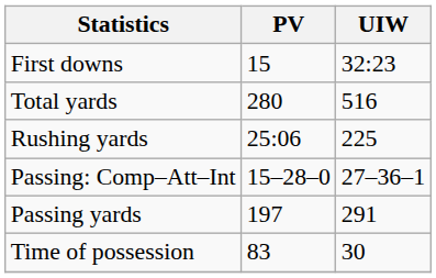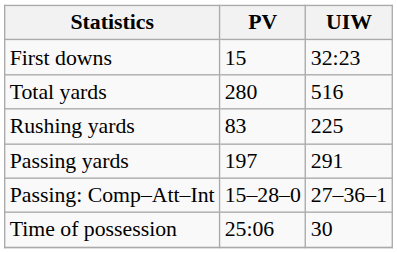 <table class="wikitable" style="float: left;">
 <tr>
 <th>Statistics</th>
 <th>PV</th>
 <th>UIW</th>
 </tr>
 <tr>
 <td>First downs</td>
 <td>15</td>
 <td>32:23</td>
 </tr>
 <tr>
 <td>Total yards</td>
 <td>280</td>
 <td>516</td>
 </tr>
 <tr>
 <td>Rushing yards</td>
-<td>25:06</td>
+<td>83</td>
 <td>225</td>
+</tr>
+<tr>
+<td>Passing yards</td>
+<td>197</td>
+<td>291</td>
 </tr>
 <tr>
 <td>Passing: Comp–Att–Int</td>
 <td>15–28–0</td>
 <td>27–36–1</td>
 </tr>
 <tr>
-<td>Passing yards</td>
-<td>197</td>
-<td>291</td>
-</tr>
-<tr>
 <td>Time of possession</td>
-<td>83</td>
+<td>25:06</td>
 <td>30</td>
 </tr>
 <tr>
 </tr>
 </table>
